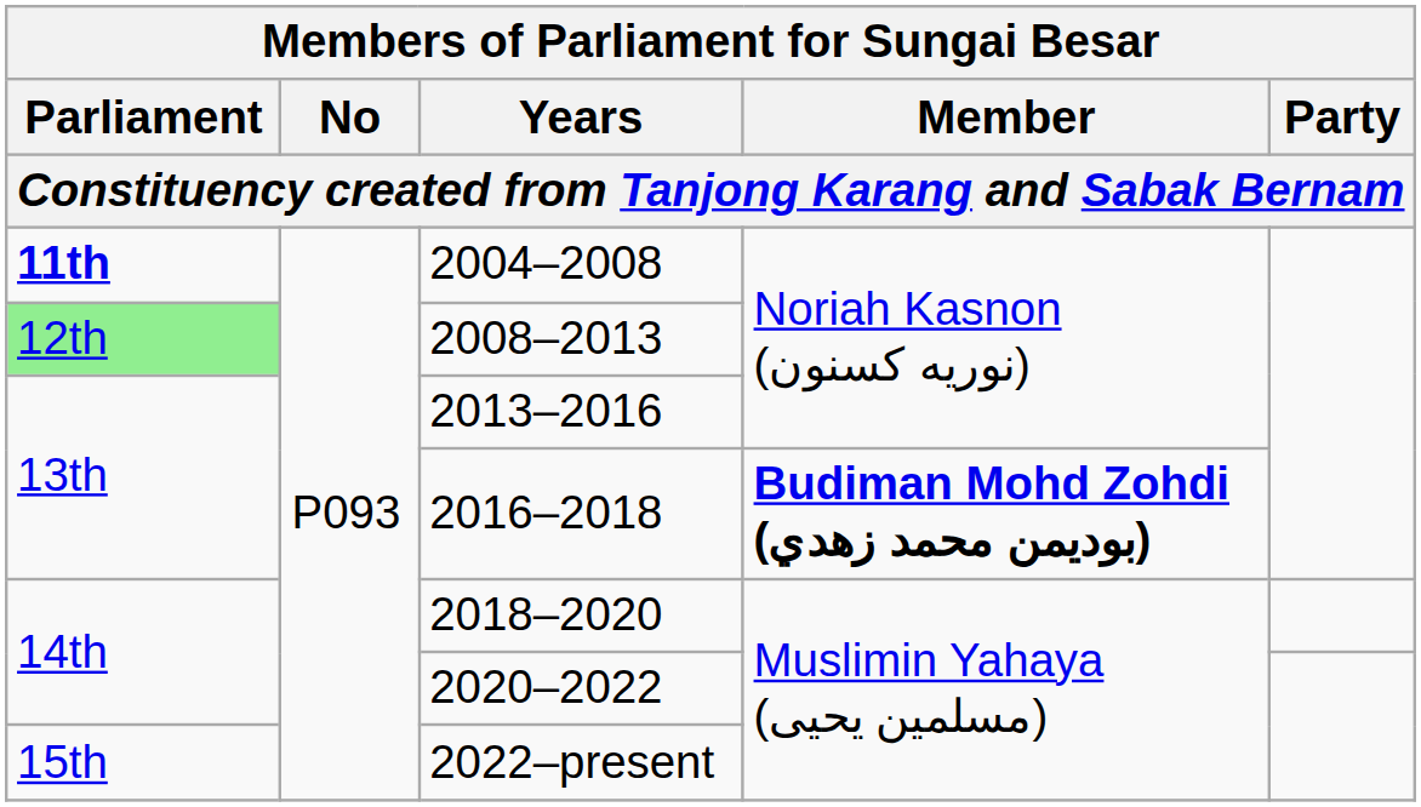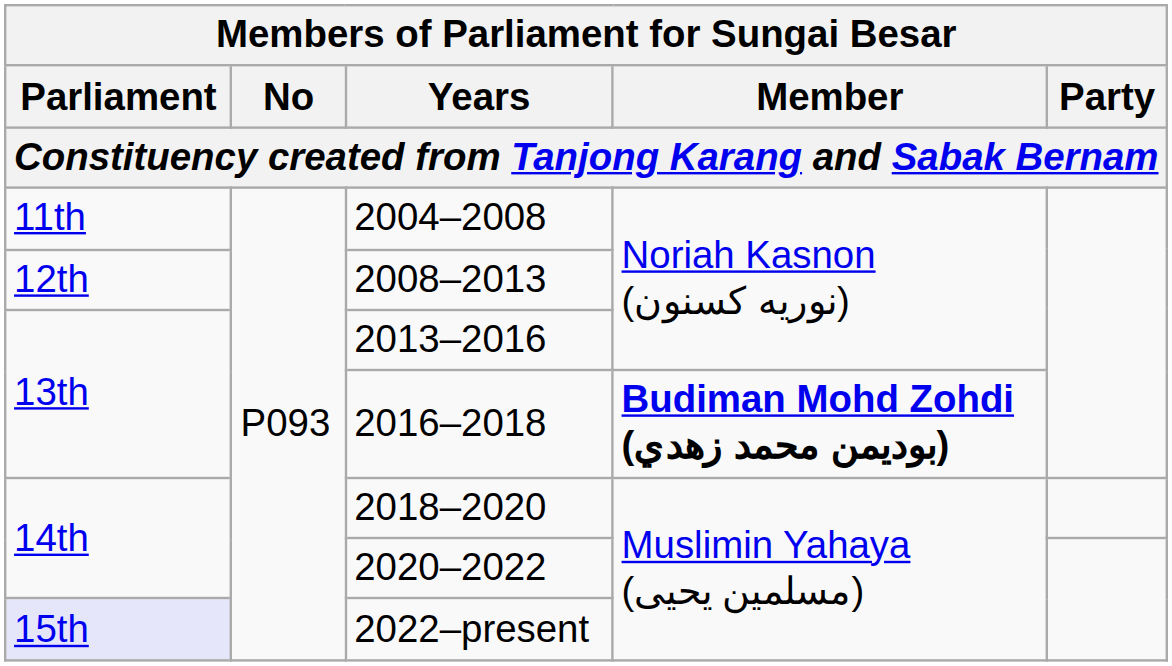 <table class=wikitable>
 <tr>
 <th colspan="5">Members of Parliament for Sungai Besar</th>
 </tr>
 <tr>
 <th>Parliament</th>
 <th>No</th>
 <th>Years</th>
 <th>Member</th>
 <th>Party</th>
 </tr>
 <tr>
 <th colspan="5" align="center"><em>Constituency created from <a href='#'>Tanjong Karang</a> and <a href='#'>Sabak Bernam</a> </em></th>
 </tr>
 <tr>
-<td><strong><a href='#'>11th</a></strong></td>
+<td><a href='#'>11th</a></td>
 <td rowspan="7">P093</td>
 <td>2004–2008</td>
 <td rowspan=3><a href='#'>Noriah Kasnon</a> <br> (نوريه كسنون)</td>
 <td rowspan=4></td>
 </tr>
 <tr>
-<td style="background: lightgreen;"><a href='#'>12th</a></td>
+<td><a href='#'>12th</a></td>
 <td>2008–2013</td>
 </tr>
 <tr>
 <td rowspan=2><a href='#'>13th</a></td>
 <td>2013–2016</td>
 </tr>
 <tr>
 <td>2016–2018</td>
 <td><strong><a href='#'>Budiman Mohd Zohdi</a> <br> (بوديمن محمد زهدي)</strong></td>
 </tr>
 <tr>
 <td rowspan="2"><a href='#'>14th</a></td>
 <td>2018–2020</td>
 <td rowspan="3"><a href='#'>Muslimin Yahaya</a> <br> (مسلمين يحيى)</td>
 <td></td>
 </tr>
 <tr>
 <td>2020–2022</td>
 <td rowspan="2"></td>
 </tr>
 <tr>
-<td><a href='#'>15th</a></td>
+<td style="background: lavender;"><a href='#'>15th</a></td>
 <td>2022–present</td>
 </tr>
 </table>
